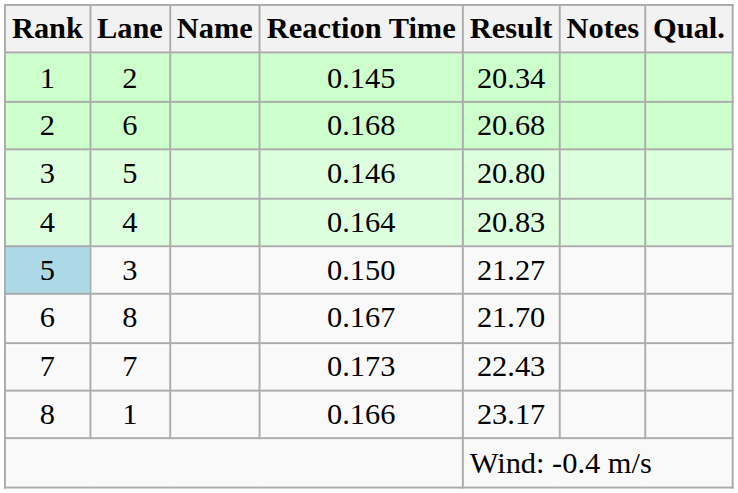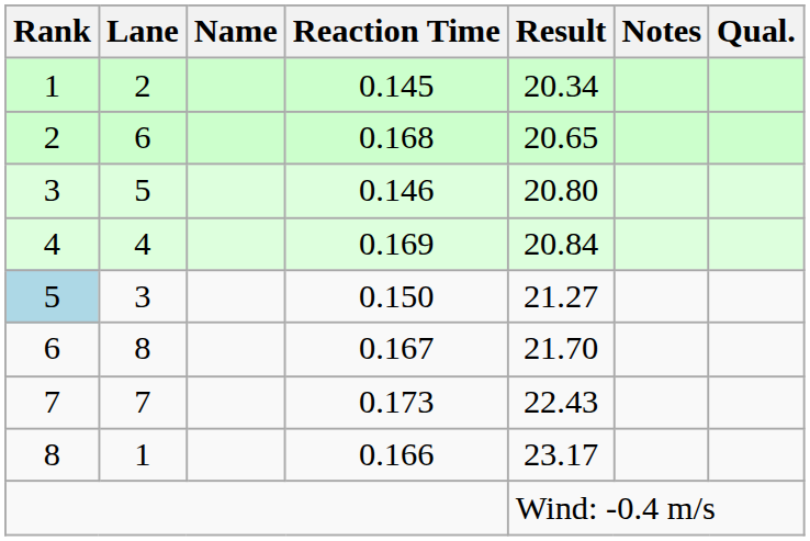 <table class="wikitable sortable" style="text-align:center">
 <tr>
 <th>Rank</th>
 <th>Lane</th>
 <th>Name</th>
 <th>Reaction Time</th>
 <th>Result</th>
 <th>Notes</th>
 <th>Qual.</th>
 </tr>
 <tr bgcolor=ccffcc>
 <td>1</td>
 <td>2</td>
 <td align="left"></td>
 <td>0.145</td>
 <td>20.34</td>
 <td></td>
 <td></td>
 </tr>
 <tr bgcolor=ccffcc>
 <td>2</td>
 <td>6</td>
 <td align="left"></td>
 <td>0.168</td>
-<td>20.68</td>
+<td>20.65</td>
 <td></td>
 <td></td>
 </tr>
 <tr bgcolor=ddffdd>
 <td>3</td>
 <td>5</td>
 <td align="left"></td>
 <td>0.146</td>
 <td>20.80</td>
 <td></td>
 <td></td>
 </tr>
 <tr bgcolor=ddffdd>
 <td>4</td>
 <td>4</td>
 <td align="left"></td>
-<td>0.164</td>
-<td>20.83</td>
+<td>0.169</td>
+<td>20.84</td>
 <td></td>
 <td></td>
 </tr>
 <tr>
 <td style="background: lightblue;">5</td>
 <td>3</td>
 <td align="left"></td>
 <td>0.150</td>
 <td>21.27</td>
 <td></td>
 <td></td>
 </tr>
 <tr>
 <td>6</td>
 <td>8</td>
 <td align="left"></td>
 <td>0.167</td>
 <td>21.70</td>
 <td></td>
 <td></td>
 </tr>
 <tr>
 <td>7</td>
 <td>7</td>
 <td align="left"></td>
 <td>0.173</td>
 <td>22.43</td>
 <td></td>
 <td></td>
 </tr>
 <tr>
 <td>8</td>
 <td>1</td>
 <td align="left"></td>
 <td>0.166</td>
 <td>23.17</td>
 <td></td>
 <td></td>
 </tr>
 <tr class="sortbottom">
 <td colspan=4></td>
 <td colspan="3" style="text-align:left;">Wind: -0.4 m/s</td>
 </tr>
 </table>
